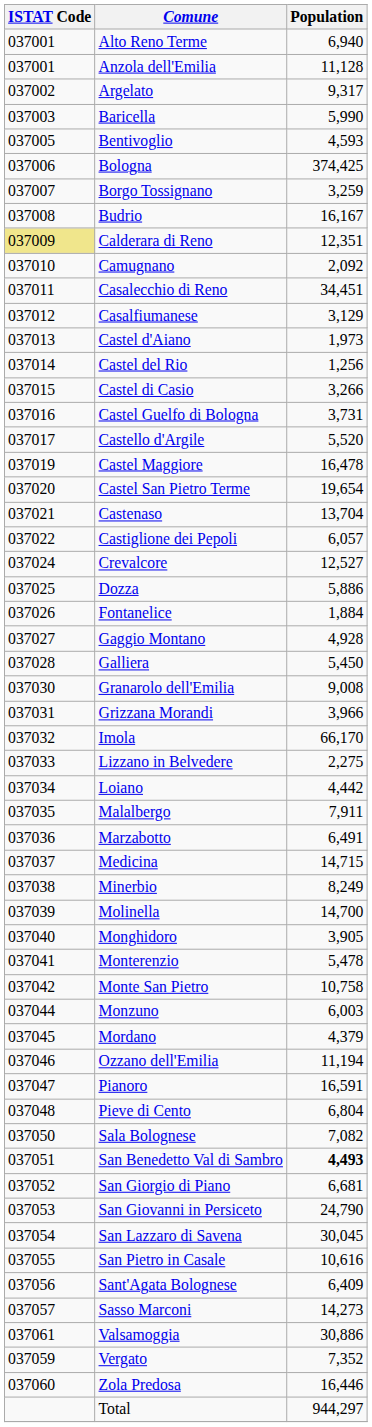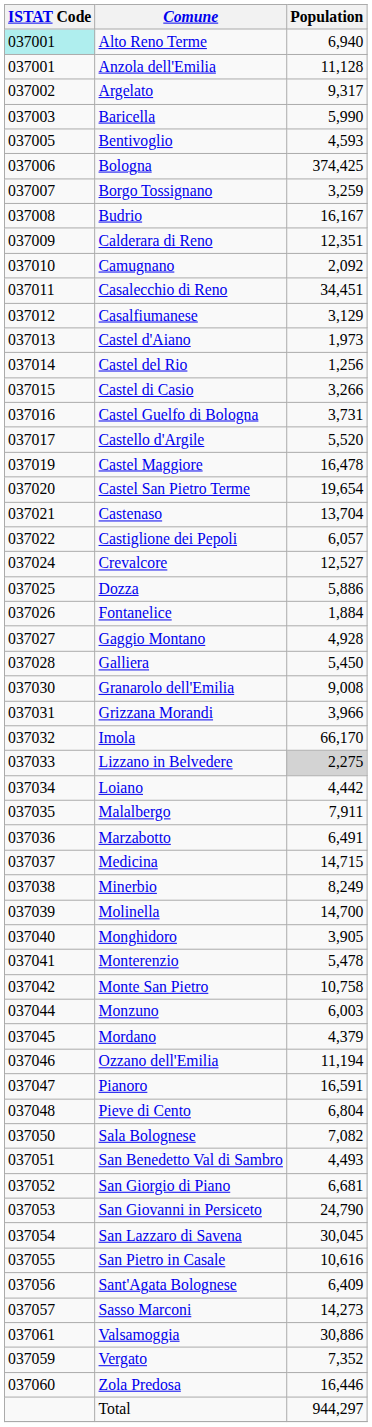 <table class="wikitable sortable">
 <tr>
 <th><a href='#'>ISTAT</a> Code</th>
 <th><em><a href='#'>Comune</a></em></th>
 <th>Population</th>
 </tr>
 <tr>
-<td>037001</td>
+<td style="background: paleturquoise;">037001</td>
 <td><a href='#'>Alto Reno Terme</a></td>
 <td align="right">6,940</td>
 </tr>
 <tr>
 <td>037001</td>
 <td><a href='#'>Anzola dell'Emilia</a></td>
 <td align="right">11,128</td>
 </tr>
 <tr>
 <td>037002</td>
 <td><a href='#'>Argelato</a></td>
 <td align="right">9,317</td>
 </tr>
 <tr>
 <td>037003</td>
 <td><a href='#'>Baricella</a></td>
 <td align="right">5,990</td>
 </tr>
 <tr>
 <td>037005</td>
 <td><a href='#'>Bentivoglio</a></td>
 <td align="right">4,593</td>
 </tr>
 <tr>
 <td>037006</td>
 <td><a href='#'>Bologna</a></td>
 <td align="right">374,425</td>
 </tr>
 <tr>
 <td>037007</td>
 <td><a href='#'>Borgo Tossignano</a></td>
 <td align="right">3,259</td>
 </tr>
 <tr>
 <td>037008</td>
 <td><a href='#'>Budrio</a></td>
 <td align="right">16,167</td>
 </tr>
 <tr>
-<td style="background: khaki;">037009</td>
+<td>037009</td>
 <td><a href='#'>Calderara di Reno</a></td>
 <td align="right">12,351</td>
 </tr>
 <tr>
 <td>037010</td>
 <td><a href='#'>Camugnano</a></td>
 <td align="right">2,092</td>
 </tr>
 <tr>
 <td>037011</td>
 <td><a href='#'>Casalecchio di Reno</a></td>
 <td align="right">34,451</td>
 </tr>
 <tr>
 <td>037012</td>
 <td><a href='#'>Casalfiumanese</a></td>
 <td align="right">3,129</td>
 </tr>
 <tr>
 <td>037013</td>
 <td><a href='#'>Castel d'Aiano</a></td>
 <td align="right">1,973</td>
 </tr>
 <tr>
 <td>037014</td>
 <td><a href='#'>Castel del Rio</a></td>
 <td align="right">1,256</td>
 </tr>
 <tr>
 <td>037015</td>
 <td><a href='#'>Castel di Casio</a></td>
 <td align="right">3,266</td>
 </tr>
 <tr>
 <td>037016</td>
 <td><a href='#'>Castel Guelfo di Bologna</a></td>
 <td align="right">3,731</td>
 </tr>
 <tr>
 <td>037017</td>
 <td><a href='#'>Castello d'Argile</a></td>
 <td align="right">5,520</td>
 </tr>
 <tr>
 <td>037019</td>
 <td><a href='#'>Castel Maggiore</a></td>
 <td align="right">16,478</td>
 </tr>
 <tr>
 <td>037020</td>
 <td><a href='#'>Castel San Pietro Terme</a></td>
 <td align="right">19,654</td>
 </tr>
 <tr>
 <td>037021</td>
 <td><a href='#'>Castenaso</a></td>
 <td align="right">13,704</td>
 </tr>
 <tr>
 <td>037022</td>
 <td><a href='#'>Castiglione dei Pepoli</a></td>
 <td align="right">6,057</td>
 </tr>
 <tr>
 <td>037024</td>
 <td><a href='#'>Crevalcore</a></td>
 <td align="right">12,527</td>
 </tr>
 <tr>
 <td>037025</td>
 <td><a href='#'>Dozza</a></td>
 <td align="right">5,886</td>
 </tr>
 <tr>
 <td>037026</td>
 <td><a href='#'>Fontanelice</a></td>
 <td align="right">1,884</td>
 </tr>
 <tr>
 <td>037027</td>
 <td><a href='#'>Gaggio Montano</a></td>
 <td align="right">4,928</td>
 </tr>
 <tr>
 <td>037028</td>
 <td><a href='#'>Galliera</a></td>
 <td align="right">5,450</td>
 </tr>
 <tr>
 <td>037030</td>
 <td><a href='#'>Granarolo dell'Emilia</a></td>
 <td align="right">9,008</td>
 </tr>
 <tr>
 <td>037031</td>
 <td><a href='#'>Grizzana Morandi</a></td>
 <td align="right">3,966</td>
 </tr>
 <tr>
 <td>037032</td>
 <td><a href='#'>Imola</a></td>
 <td align="right">66,170</td>
 </tr>
 <tr>
 <td>037033</td>
 <td><a href='#'>Lizzano in Belvedere</a></td>
-<td align="right">2,275</td>
+<td align="right" style="background: lightgrey;">2,275</td>
 </tr>
 <tr>
 <td>037034</td>
 <td><a href='#'>Loiano</a></td>
 <td align="right">4,442</td>
 </tr>
 <tr>
 <td>037035</td>
 <td><a href='#'>Malalbergo</a></td>
 <td align="right">7,911</td>
 </tr>
 <tr>
 <td>037036</td>
 <td><a href='#'>Marzabotto</a></td>
 <td align="right">6,491</td>
 </tr>
 <tr>
 <td>037037</td>
 <td><a href='#'>Medicina</a></td>
 <td align="right">14,715</td>
 </tr>
 <tr>
 <td>037038</td>
 <td><a href='#'>Minerbio</a></td>
 <td align="right">8,249</td>
 </tr>
 <tr>
 <td>037039</td>
 <td><a href='#'>Molinella</a></td>
 <td align="right">14,700</td>
 </tr>
 <tr>
 <td>037040</td>
 <td><a href='#'>Monghidoro</a></td>
 <td align="right">3,905</td>
 </tr>
 <tr>
 <td>037041</td>
 <td><a href='#'>Monterenzio</a></td>
 <td align="right">5,478</td>
 </tr>
 <tr>
 <td>037042</td>
 <td><a href='#'>Monte San Pietro</a></td>
 <td align="right">10,758</td>
 </tr>
 <tr>
 <td>037044</td>
 <td><a href='#'>Monzuno</a></td>
 <td align="right">6,003</td>
 </tr>
 <tr>
 <td>037045</td>
 <td><a href='#'>Mordano</a></td>
 <td align="right">4,379</td>
 </tr>
 <tr>
 <td>037046</td>
 <td><a href='#'>Ozzano dell'Emilia</a></td>
 <td align="right">11,194</td>
 </tr>
 <tr>
 <td>037047</td>
 <td><a href='#'>Pianoro</a></td>
 <td align="right">16,591</td>
 </tr>
 <tr>
 <td>037048</td>
 <td><a href='#'>Pieve di Cento</a></td>
 <td align="right">6,804</td>
 </tr>
 <tr>
 <td>037050</td>
 <td><a href='#'>Sala Bolognese</a></td>
 <td align="right">7,082</td>
 </tr>
 <tr>
 <td>037051</td>
 <td><a href='#'>San Benedetto Val di Sambro</a></td>
-<td align="right"><strong>4,493</strong></td>
+<td align="right">4,493</td>
 </tr>
 <tr>
 <td>037052</td>
 <td><a href='#'>San Giorgio di Piano</a></td>
 <td align="right">6,681</td>
 </tr>
 <tr>
 <td>037053</td>
 <td><a href='#'>San Giovanni in Persiceto</a></td>
 <td align="right">24,790</td>
 </tr>
 <tr>
 <td>037054</td>
 <td><a href='#'>San Lazzaro di Savena</a></td>
 <td align="right">30,045</td>
 </tr>
 <tr>
 <td>037055</td>
 <td><a href='#'>San Pietro in Casale</a></td>
 <td align="right">10,616</td>
 </tr>
 <tr>
 <td>037056</td>
 <td><a href='#'>Sant'Agata Bolognese</a></td>
 <td align="right">6,409</td>
 </tr>
 <tr>
 <td>037057</td>
 <td><a href='#'>Sasso Marconi</a></td>
 <td align="right">14,273</td>
 </tr>
 <tr>
 <td>037061</td>
 <td><a href='#'>Valsamoggia</a></td>
 <td align="right">30,886</td>
 </tr>
 <tr>
 <td>037059</td>
 <td><a href='#'>Vergato</a></td>
 <td align="right">7,352</td>
 </tr>
 <tr>
 <td>037060</td>
 <td><a href='#'>Zola Predosa</a></td>
 <td align="right">16,446</td>
 </tr>
 <tr>
 <td></td>
 <td>Total</td>
 <td align="right">944,297</td>
 </tr>
 <tr>
 </tr>
 </table>
